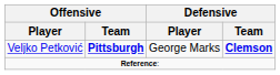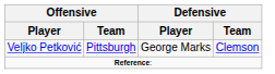 <table class="wikitable" style="text-align: center;">
 <tr>
 <th colspan="2">Offensive</th>
 <th colspan="2">Defensive</th>
 </tr>
 <tr>
 <th>Player</th>
 <th>Team</th>
 <th>Player</th>
 <th>Team</th>
 </tr>
 <tr>
 <td><a href='#'>Veljko Petković</a></td>
-<td><strong><a href='#'>Pittsburgh</a></strong></td>
+<td><a href='#'>Pittsburgh</a></td>
 <td>George Marks</td>
-<td><strong><a href='#'>Clemson</a></strong></td>
+<td><a href='#'>Clemson</a></td>
 </tr>
 <tr>
 <td colspan="4"  style="font-size:8pt; text-align:center;"><strong>Reference</strong>:</td>
 </tr>
 </table>
